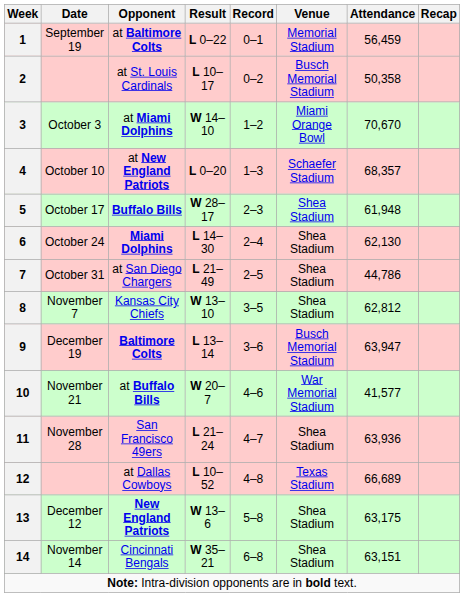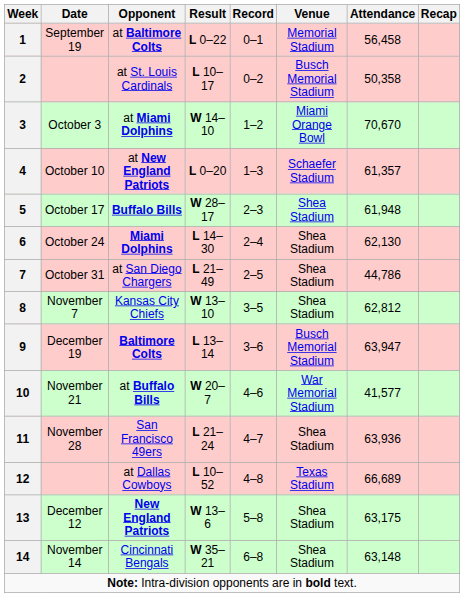 <table class="wikitable" style="text-align:center">
 <tr>
 <th>Week</th>
 <th>Date</th>
 <th>Opponent</th>
 <th>Result</th>
 <th>Record</th>
 <th>Venue</th>
 <th>Attendance</th>
 <th>Recap</th>
 </tr>
 <tr style="background: #fcc;">
 <th>1</th>
 <td>September 19</td>
 <td>at <strong><a href='#'>Baltimore Colts</a></strong></td>
 <td><strong>L</strong> 0–22</td>
 <td>0–1</td>
 <td><a href='#'>Memorial Stadium</a></td>
-<td>56,459</td>
+<td>56,458</td>
 <td></td>
 </tr>
 <tr style="background: #fcc;">
 <th>2</th>
 <td></td>
 <td>at <a href='#'>St. Louis Cardinals</a></td>
 <td><strong>L</strong> 10–17</td>
 <td>0–2</td>
 <td><a href='#'>Busch Memorial Stadium</a></td>
 <td>50,358</td>
 <td></td>
 </tr>
 <tr style="background: #cfc;">
 <th>3</th>
 <td>October 3</td>
 <td>at <strong><a href='#'>Miami Dolphins</a></strong></td>
 <td><strong>W</strong> 14–10</td>
 <td>1–2</td>
 <td><a href='#'>Miami Orange Bowl</a></td>
 <td>70,670</td>
 <td></td>
 </tr>
 <tr style="background: #fcc;">
 <th>4</th>
 <td>October 10</td>
 <td>at <strong><a href='#'>New England Patriots</a></strong></td>
 <td><strong>L</strong> 0–20</td>
 <td>1–3</td>
 <td><a href='#'>Schaefer Stadium</a></td>
-<td>68,357</td>
+<td>61,357</td>
 <td></td>
 </tr>
 <tr style="background: #cfc;">
 <th>5</th>
 <td>October 17</td>
 <td><strong><a href='#'>Buffalo Bills</a></strong></td>
 <td><strong>W</strong> 28–17</td>
 <td>2–3</td>
 <td><a href='#'>Shea Stadium</a></td>
 <td>61,948</td>
 <td></td>
 </tr>
 <tr style="background: #fcc;">
 <th>6</th>
 <td>October 24</td>
 <td><strong><a href='#'>Miami Dolphins</a></strong></td>
 <td><strong>L</strong> 14–30</td>
 <td>2–4</td>
 <td>Shea Stadium</td>
 <td>62,130</td>
 <td></td>
 </tr>
 <tr style="background: #fcc;">
 <th>7</th>
 <td>October 31</td>
 <td>at <a href='#'>San Diego Chargers</a></td>
 <td><strong>L</strong> 21–49</td>
 <td>2–5</td>
 <td>Shea Stadium</td>
 <td>44,786</td>
 <td></td>
 </tr>
 <tr style="background: #cfc;">
 <th>8</th>
 <td>November 7</td>
 <td><a href='#'>Kansas City Chiefs</a></td>
 <td><strong>W</strong> 13–10</td>
 <td>3–5</td>
 <td>Shea Stadium</td>
 <td>62,812</td>
 <td></td>
 </tr>
 <tr style="background: #fcc;">
 <th>9</th>
 <td>December 19</td>
 <td><strong><a href='#'>Baltimore Colts</a></strong></td>
 <td><strong>L</strong> 13–14</td>
 <td>3–6</td>
 <td><a href='#'>Busch Memorial Stadium</a></td>
 <td>63,947</td>
 <td></td>
 </tr>
 <tr style="background: #cfc;">
 <th>10</th>
 <td>November 21</td>
 <td>at <strong><a href='#'>Buffalo Bills</a></strong></td>
 <td><strong>W</strong> 20–7</td>
 <td>4–6</td>
 <td><a href='#'>War Memorial Stadium</a></td>
 <td>41,577</td>
 <td></td>
 </tr>
 <tr style="background: #fcc;">
 <th>11</th>
 <td>November 28</td>
 <td><a href='#'>San Francisco 49ers</a></td>
 <td><strong>L</strong> 21–24</td>
 <td>4–7</td>
 <td>Shea Stadium</td>
 <td>63,936</td>
 <td></td>
 </tr>
 <tr style="background: #fcc;">
 <th>12</th>
 <td></td>
 <td>at <a href='#'>Dallas Cowboys</a></td>
 <td><strong>L</strong> 10–52</td>
 <td>4–8</td>
 <td><a href='#'>Texas Stadium</a></td>
 <td>66,689</td>
 <td></td>
 </tr>
 <tr style="background: #cfc;">
 <th>13</th>
 <td>December 12</td>
 <td><strong><a href='#'>New England Patriots</a></strong></td>
 <td><strong>W</strong> 13–6</td>
 <td>5–8</td>
 <td>Shea Stadium</td>
 <td>63,175</td>
 <td></td>
 </tr>
 <tr style="background: #cfc;">
 <th>14</th>
 <td>November 14</td>
 <td><a href='#'>Cincinnati Bengals</a></td>
 <td><strong>W</strong> 35–21</td>
 <td>6–8</td>
 <td>Shea Stadium</td>
-<td>63,151</td>
+<td>63,148</td>
 <td></td>
 </tr>
 <tr>
 <td colspan="8"><strong>Note:</strong> Intra-division opponents are in <strong>bold</strong> text.</td>
 </tr>
 </table>
